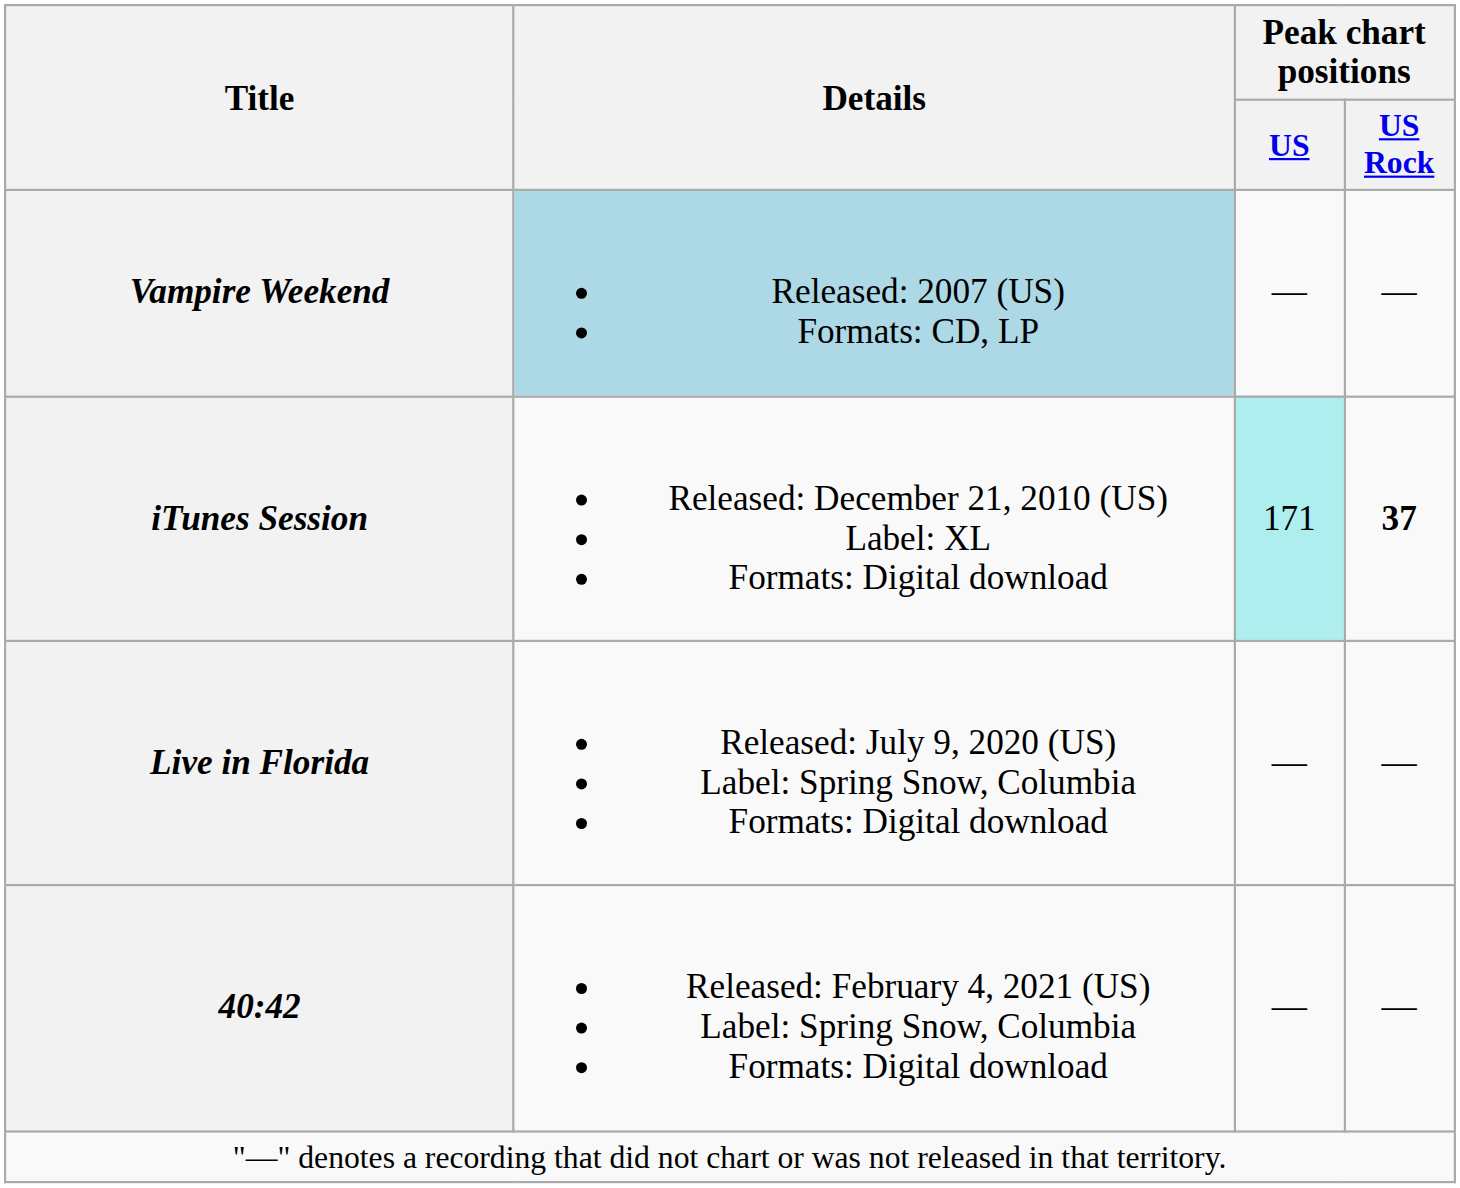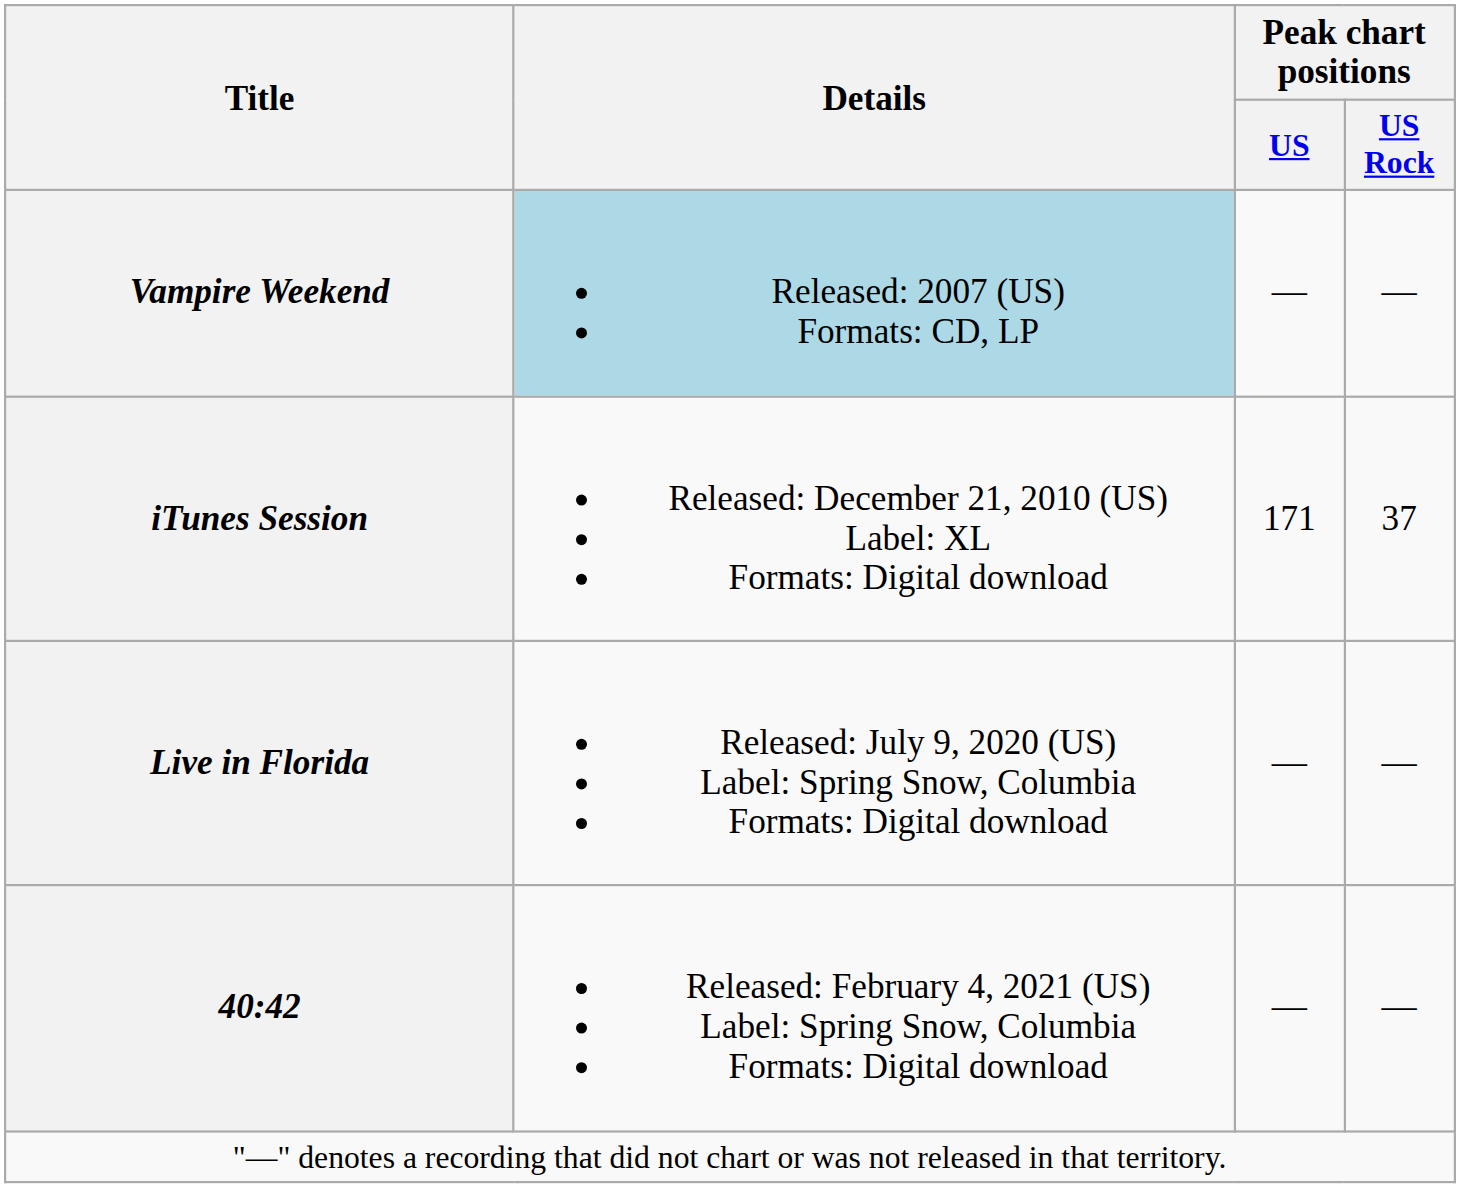 <table class="wikitable plainrowheaders" style="text-align:center;">
 <tr>
 <th scope="col" rowspan="2" style="width:14em;">Title</th>
 <th scope="col" rowspan="2" style="width:20em;">Details</th>
 <th scope="col" colspan="2">Peak chart<br>positions</th>
 </tr>
 <tr>
 <th scope="col" style="width:3em;font-size:90%;"><a href='#'>US</a><br></th>
 <th scope="col" style="width:3em;font-size:90%;"><a href='#'>US<br>Rock</a><br></th>
 </tr>
 <tr>
 <th scope="row"><em>Vampire Weekend</em></th>
 <td style="background: lightblue;"><br><ul><li>Released: 2007 <span>(US)</span></li><li>Formats: CD, LP</li></ul></td>
 <td>—</td>
 <td>—</td>
 </tr>
 <tr>
 <th scope="row"><em>iTunes Session</em></th>
 <td><br><ul><li>Released: December 21, 2010 <span>(US)</span></li><li>Label: XL</li><li>Formats: Digital download</li></ul></td>
-<td style="background: paleturquoise;">171</td>
-<td><strong>37</strong></td>
+<td>171</td>
+<td>37</td>
 </tr>
 <tr>
 <th scope="row"><em>Live in Florida</em></th>
 <td><br><ul><li>Released: July 9, 2020 <span>(US)</span></li><li>Label: Spring Snow, Columbia</li><li>Formats: Digital download</li></ul></td>
 <td>—</td>
 <td>—</td>
 </tr>
 <tr>
 <th scope="row"><em>40:42</em></th>
 <td><br><ul><li>Released: February 4, 2021 <span>(US)</span></li><li>Label: Spring Snow, Columbia</li><li>Formats: Digital download</li></ul></td>
 <td>—</td>
 <td>—</td>
 </tr>
 <tr>
 <td colspan="5" style="font-size:90%">"—" denotes a recording that did not chart or was not released in that territory.</td>
 </tr>
 </table>
